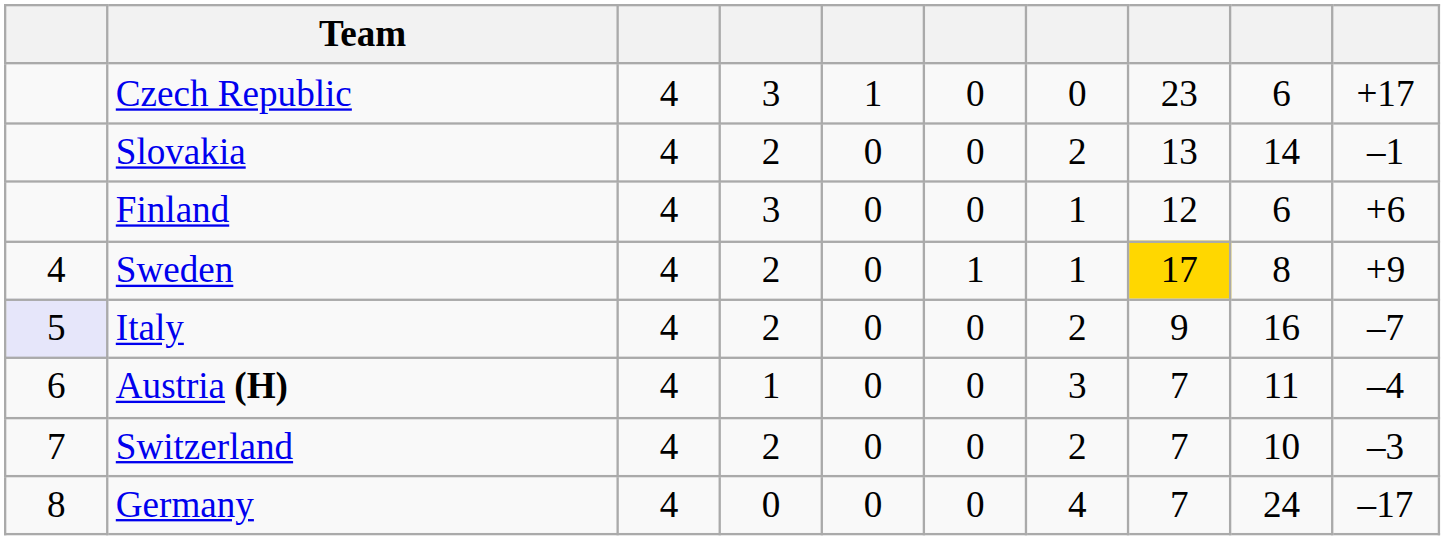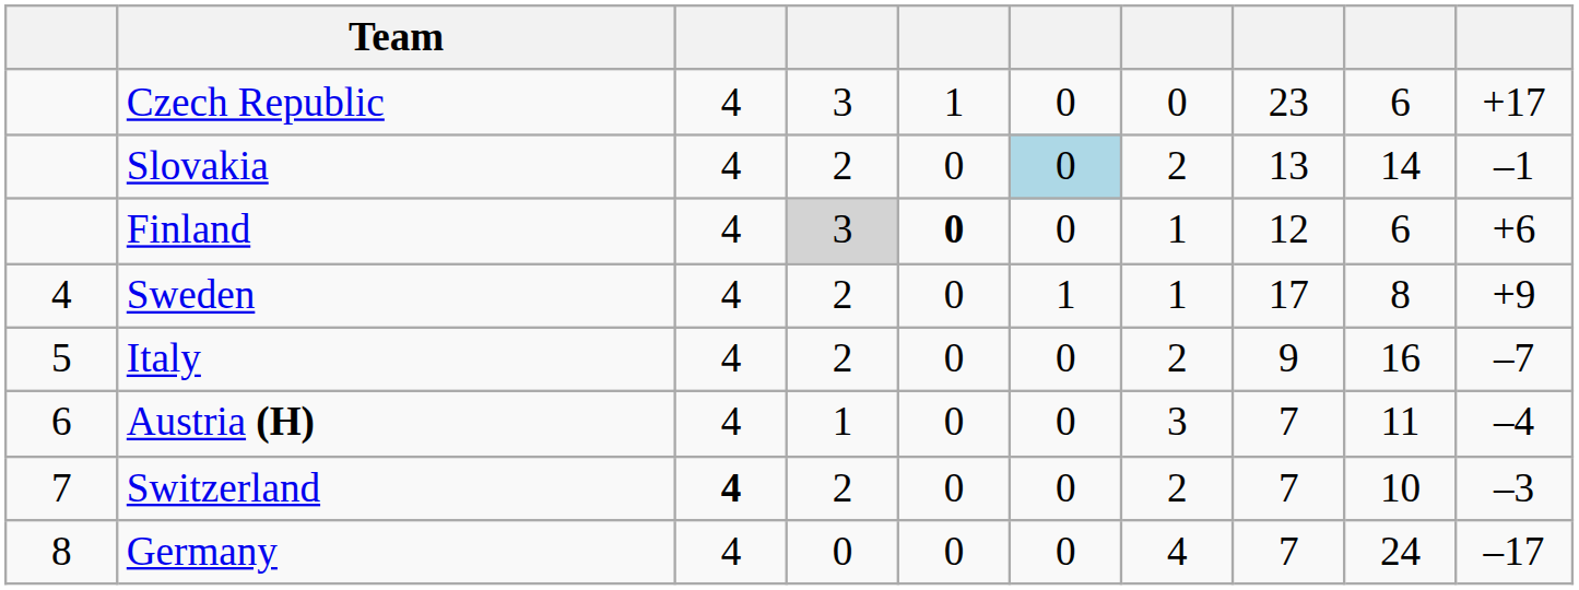 <table class="wikitable" width="70%" style="text-align:center;">
 <tr>
 <th width="5%"></th>
 <th width="25%">Team</th>
 <th width="5%"></th>
 <th width="5%"></th>
 <th width="5%"></th>
 <th width="5%"></th>
 <th width="5%"></th>
 <th width="5%"></th>
 <th width="5%"></th>
 <th width="5%"></th>
 </tr>
 <tr>
 <td></td>
 <td align="left"> <a href='#'>Czech Republic</a></td>
 <td>4</td>
 <td>3</td>
 <td>1</td>
 <td>0</td>
 <td>0</td>
 <td>23</td>
 <td>6</td>
 <td>+17</td>
 </tr>
 <tr>
 <td></td>
 <td align="left"> <a href='#'>Slovakia</a></td>
 <td>4</td>
 <td>2</td>
 <td>0</td>
-<td>0</td>
+<td style="background: lightblue;">0</td>
 <td>2</td>
 <td>13</td>
 <td>14</td>
 <td>–1</td>
 </tr>
 <tr>
 <td></td>
 <td align="left"> <a href='#'>Finland</a></td>
 <td>4</td>
-<td>3</td>
-<td>0</td>
+<td style="background: lightgrey;">3</td>
+<td><strong>0</strong></td>
 <td>0</td>
 <td>1</td>
 <td>12</td>
 <td>6</td>
 <td>+6</td>
 </tr>
 <tr>
 <td>4</td>
 <td align="left"> <a href='#'>Sweden</a></td>
 <td>4</td>
 <td>2</td>
 <td>0</td>
 <td>1</td>
 <td>1</td>
-<td style="background: gold;">17</td>
+<td>17</td>
 <td>8</td>
 <td>+9</td>
 </tr>
 <tr>
-<td style="background: lavender;">5</td>
+<td>5</td>
 <td align="left"> <a href='#'>Italy</a></td>
 <td>4</td>
 <td>2</td>
 <td>0</td>
 <td>0</td>
 <td>2</td>
 <td>9</td>
 <td>16</td>
 <td>–7</td>
 </tr>
 <tr>
 <td>6</td>
 <td align="left"> <a href='#'>Austria</a> <strong>(H)</strong></td>
 <td>4</td>
 <td>1</td>
 <td>0</td>
 <td>0</td>
 <td>3</td>
 <td>7</td>
 <td>11</td>
 <td>–4</td>
 </tr>
 <tr>
 <td>7</td>
 <td align="left"> <a href='#'>Switzerland</a></td>
-<td>4</td>
+<td><strong>4</strong></td>
 <td>2</td>
 <td>0</td>
 <td>0</td>
 <td>2</td>
 <td>7</td>
 <td>10</td>
 <td>–3</td>
 </tr>
 <tr>
 <td>8</td>
 <td align="left"> <a href='#'>Germany</a></td>
 <td>4</td>
 <td>0</td>
 <td>0</td>
 <td>0</td>
 <td>4</td>
 <td>7</td>
 <td>24</td>
 <td>–17</td>
 </tr>
 </table>
